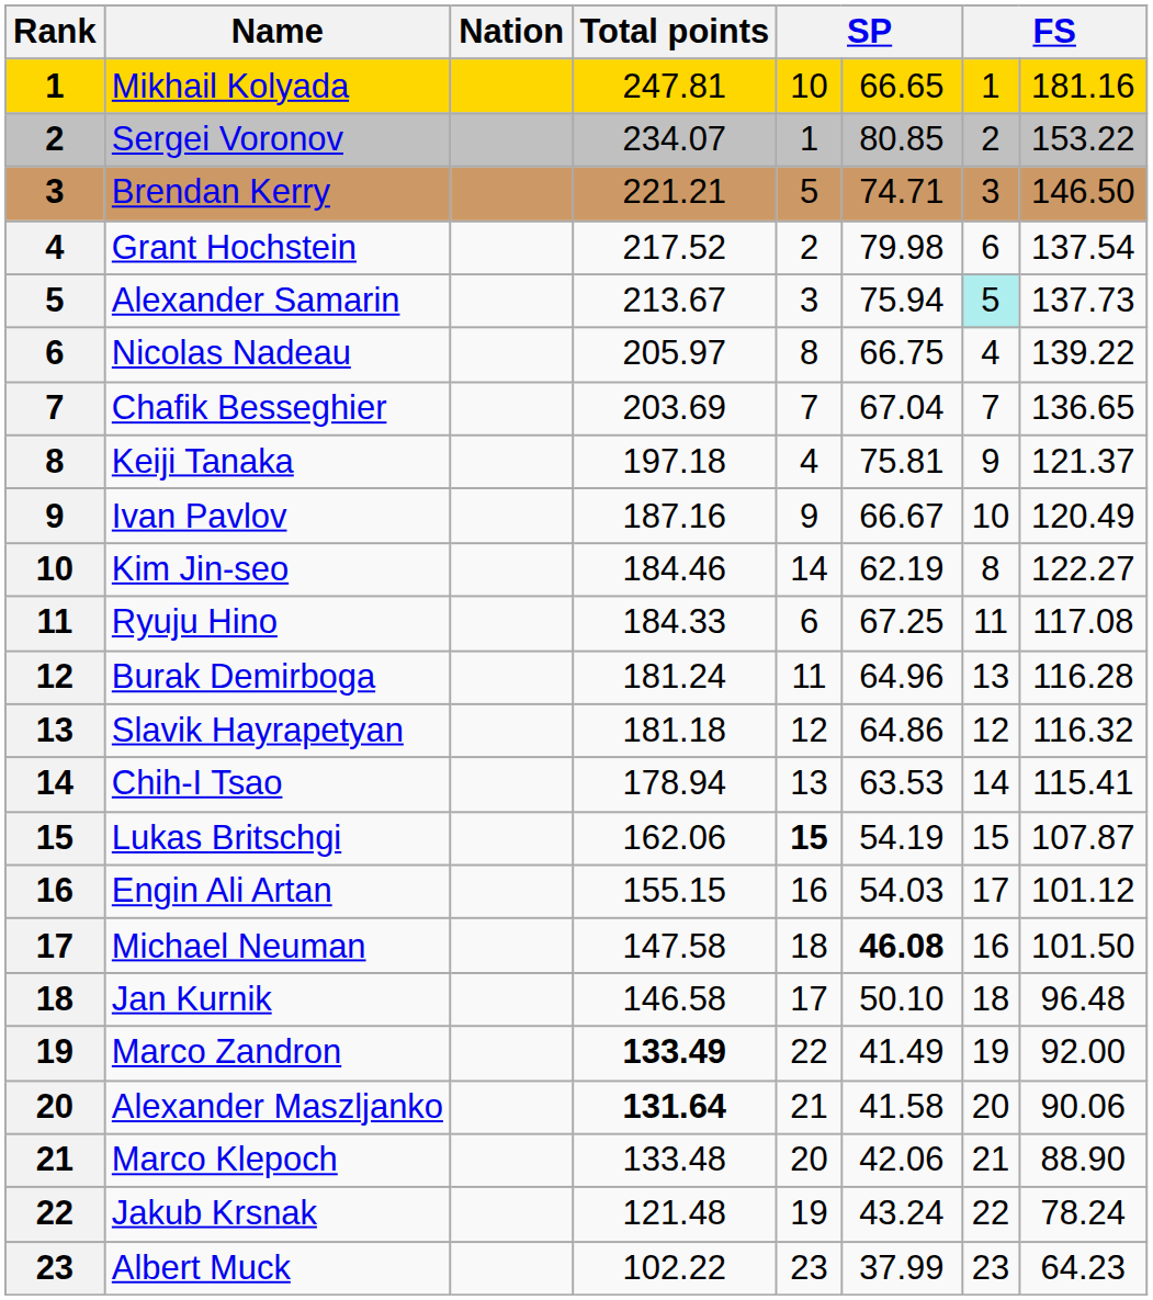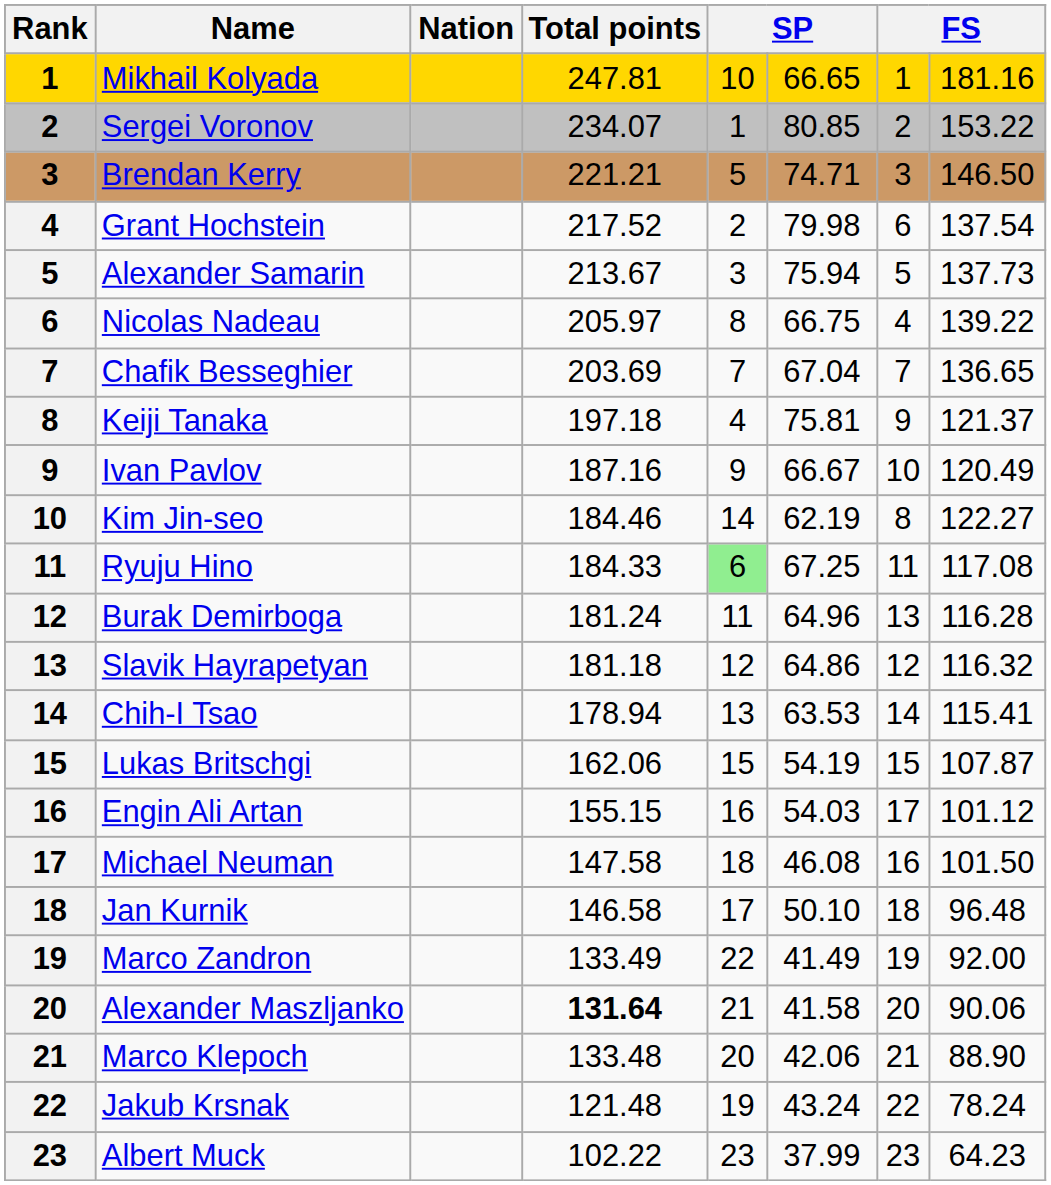 <table class="wikitable sortable">
 <tr>
 <th>Rank</th>
 <th>Name</th>
 <th>Nation</th>
 <th>Total points</th>
 <th colspan="2" width="80px"><a href='#'>SP</a></th>
 <th colspan="2" width="80px"><a href='#'>FS</a></th>
 </tr>
 <tr bgcolor="gold">
 <td align="center"><strong>1</strong></td>
 <td><a href='#'>Mikhail Kolyada</a></td>
 <td></td>
 <td align="center">247.81</td>
 <td align="center">10</td>
 <td align="center">66.65</td>
 <td align="center">1</td>
 <td align="center">181.16</td>
 </tr>
 <tr bgcolor="silver">
 <td align="center"><strong>2</strong></td>
 <td><a href='#'>Sergei Voronov</a></td>
 <td></td>
 <td align="center">234.07</td>
 <td align="center">1</td>
 <td align="center">80.85</td>
 <td align="center">2</td>
 <td align="center">153.22</td>
 </tr>
 <tr bgcolor="cc9966">
 <td align="center"><strong>3</strong></td>
 <td><a href='#'>Brendan Kerry</a></td>
 <td></td>
 <td align="center">221.21</td>
 <td align="center">5</td>
 <td align="center">74.71</td>
 <td align="center">3</td>
 <td align="center">146.50</td>
 </tr>
 <tr>
 <th>4</th>
 <td><a href='#'>Grant Hochstein</a></td>
 <td></td>
 <td align="center">217.52</td>
 <td align="center">2</td>
 <td align="center">79.98</td>
 <td align="center">6</td>
 <td align="center">137.54</td>
 </tr>
 <tr>
 <th>5</th>
 <td><a href='#'>Alexander Samarin</a></td>
 <td></td>
 <td align="center">213.67</td>
 <td align="center">3</td>
 <td align="center">75.94</td>
-<td align="center" style="background: paleturquoise;">5</td>
+<td align="center">5</td>
 <td align="center">137.73</td>
 </tr>
 <tr>
 <th>6</th>
 <td><a href='#'>Nicolas Nadeau</a></td>
 <td></td>
 <td align="center">205.97</td>
 <td align="center">8</td>
 <td align="center">66.75</td>
 <td align="center">4</td>
 <td align="center">139.22</td>
 </tr>
 <tr>
 <th>7</th>
 <td><a href='#'>Chafik Besseghier</a></td>
 <td></td>
 <td align="center">203.69</td>
 <td align="center">7</td>
 <td align="center">67.04</td>
 <td align="center">7</td>
 <td align="center">136.65</td>
 </tr>
 <tr>
 <th>8</th>
 <td><a href='#'>Keiji Tanaka</a></td>
 <td></td>
 <td align="center">197.18</td>
 <td align="center">4</td>
 <td align="center">75.81</td>
 <td align="center">9</td>
 <td align="center">121.37</td>
 </tr>
 <tr>
 <th>9</th>
 <td><a href='#'>Ivan Pavlov</a></td>
 <td></td>
 <td align="center">187.16</td>
 <td align="center">9</td>
 <td align="center">66.67</td>
 <td align="center">10</td>
 <td align="center">120.49</td>
 </tr>
 <tr>
 <th>10</th>
 <td><a href='#'>Kim Jin-seo</a></td>
 <td></td>
 <td align="center">184.46</td>
 <td align="center">14</td>
 <td align="center">62.19</td>
 <td align="center">8</td>
 <td align="center">122.27</td>
 </tr>
 <tr>
 <th>11</th>
 <td><a href='#'>Ryuju Hino</a></td>
 <td></td>
 <td align="center">184.33</td>
-<td align="center">6</td>
+<td align="center" style="background: lightgreen;">6</td>
 <td align="center">67.25</td>
 <td align="center">11</td>
 <td align="center">117.08</td>
 </tr>
 <tr>
 <th>12</th>
 <td><a href='#'>Burak Demirboga</a></td>
 <td></td>
 <td align="center">181.24</td>
 <td align="center">11</td>
 <td align="center">64.96</td>
 <td align="center">13</td>
 <td align="center">116.28</td>
 </tr>
 <tr>
 <th>13</th>
 <td><a href='#'>Slavik Hayrapetyan</a></td>
 <td></td>
 <td align="center">181.18</td>
 <td align="center">12</td>
 <td align="center">64.86</td>
 <td align="center">12</td>
 <td align="center">116.32</td>
 </tr>
 <tr>
 <th>14</th>
 <td><a href='#'>Chih-I Tsao</a></td>
 <td></td>
 <td align="center">178.94</td>
 <td align="center">13</td>
 <td align="center">63.53</td>
 <td align="center">14</td>
 <td align="center">115.41</td>
 </tr>
 <tr>
 <th>15</th>
 <td><a href='#'>Lukas Britschgi</a></td>
 <td></td>
 <td align="center">162.06</td>
-<td align="center"><strong>15</strong></td>
+<td align="center">15</td>
 <td align="center">54.19</td>
 <td align="center">15</td>
 <td align="center">107.87</td>
 </tr>
 <tr>
 <th>16</th>
 <td><a href='#'>Engin Ali Artan</a></td>
 <td></td>
 <td align="center">155.15</td>
 <td align="center">16</td>
 <td align="center">54.03</td>
 <td align="center">17</td>
 <td align="center">101.12</td>
 </tr>
 <tr>
 <th>17</th>
 <td><a href='#'>Michael Neuman</a></td>
 <td></td>
 <td align="center">147.58</td>
 <td align="center">18</td>
-<td align="center"><strong>46.08</strong></td>
+<td align="center">46.08</td>
 <td align="center">16</td>
 <td align="center">101.50</td>
 </tr>
 <tr>
 <th>18</th>
 <td><a href='#'>Jan Kurnik</a></td>
 <td></td>
 <td align="center">146.58</td>
 <td align="center">17</td>
 <td align="center">50.10</td>
 <td align="center">18</td>
 <td align="center">96.48</td>
 </tr>
 <tr>
 <th>19</th>
 <td><a href='#'>Marco Zandron</a></td>
 <td></td>
-<td align="center"><strong>133.49</strong></td>
+<td align="center">133.49</td>
 <td align="center">22</td>
 <td align="center">41.49</td>
 <td align="center">19</td>
 <td align="center">92.00</td>
 </tr>
 <tr>
 <th>20</th>
 <td><a href='#'>Alexander Maszljanko</a></td>
 <td></td>
 <td align="center"><strong>131.64</strong></td>
 <td align="center">21</td>
 <td align="center">41.58</td>
 <td align="center">20</td>
 <td align="center">90.06</td>
 </tr>
 <tr>
 <th>21</th>
 <td><a href='#'>Marco Klepoch</a></td>
 <td></td>
 <td align="center">133.48</td>
 <td align="center">20</td>
 <td align="center">42.06</td>
 <td align="center">21</td>
 <td align="center">88.90</td>
 </tr>
 <tr>
 <th>22</th>
 <td><a href='#'>Jakub Krsnak</a></td>
 <td></td>
 <td align="center">121.48</td>
 <td align="center">19</td>
 <td align="center">43.24</td>
 <td align="center">22</td>
 <td align="center">78.24</td>
 </tr>
 <tr>
 <th>23</th>
 <td><a href='#'>Albert Muck</a></td>
 <td></td>
 <td align="center">102.22</td>
 <td align="center">23</td>
 <td align="center">37.99</td>
 <td align="center">23</td>
 <td align="center">64.23</td>
 </tr>
 </table>
